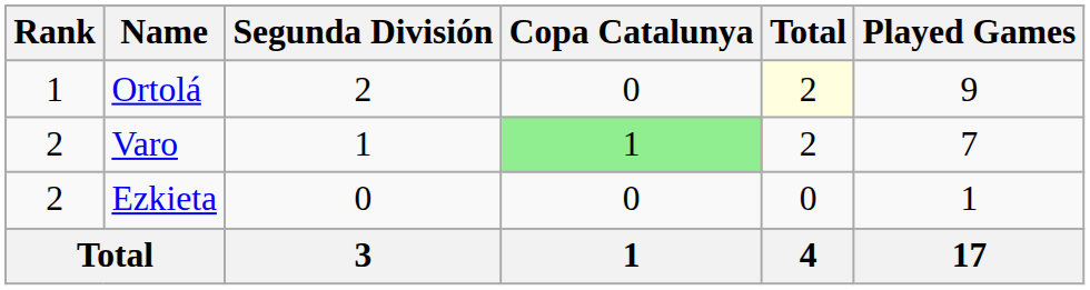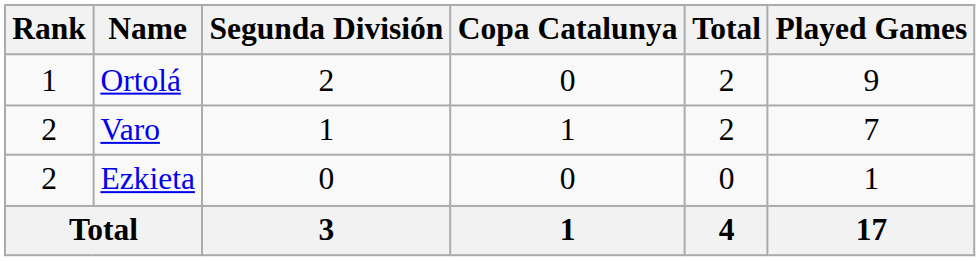 <table class="wikitable" style="text-align: center;">
 <tr>
 <th>Rank</th>
 <th>Name</th>
 <th>Segunda División</th>
 <th>Copa Catalunya</th>
 <th>Total</th>
 <th>Played Games</th>
 </tr>
 <tr>
 <td>1</td>
 <td align=left> <a href='#'>Ortolá</a></td>
 <td>2</td>
 <td>0</td>
-<td style="background: lightyellow;">2</td>
+<td>2</td>
 <td>9</td>
 </tr>
 <tr>
 <td>2</td>
 <td align=left> <a href='#'>Varo</a></td>
 <td>1</td>
-<td style="background: lightgreen;">1</td>
+<td>1</td>
 <td>2</td>
 <td>7</td>
 </tr>
 <tr>
 <td>2</td>
 <td align=left> <a href='#'>Ezkieta</a></td>
 <td>0</td>
 <td>0</td>
 <td>0</td>
 <td>1</td>
 </tr>
 <tr>
 <th colspan=2>Total</th>
 <th>3</th>
 <th>1</th>
 <th>4</th>
 <th>17</th>
 </tr>
 </table>
